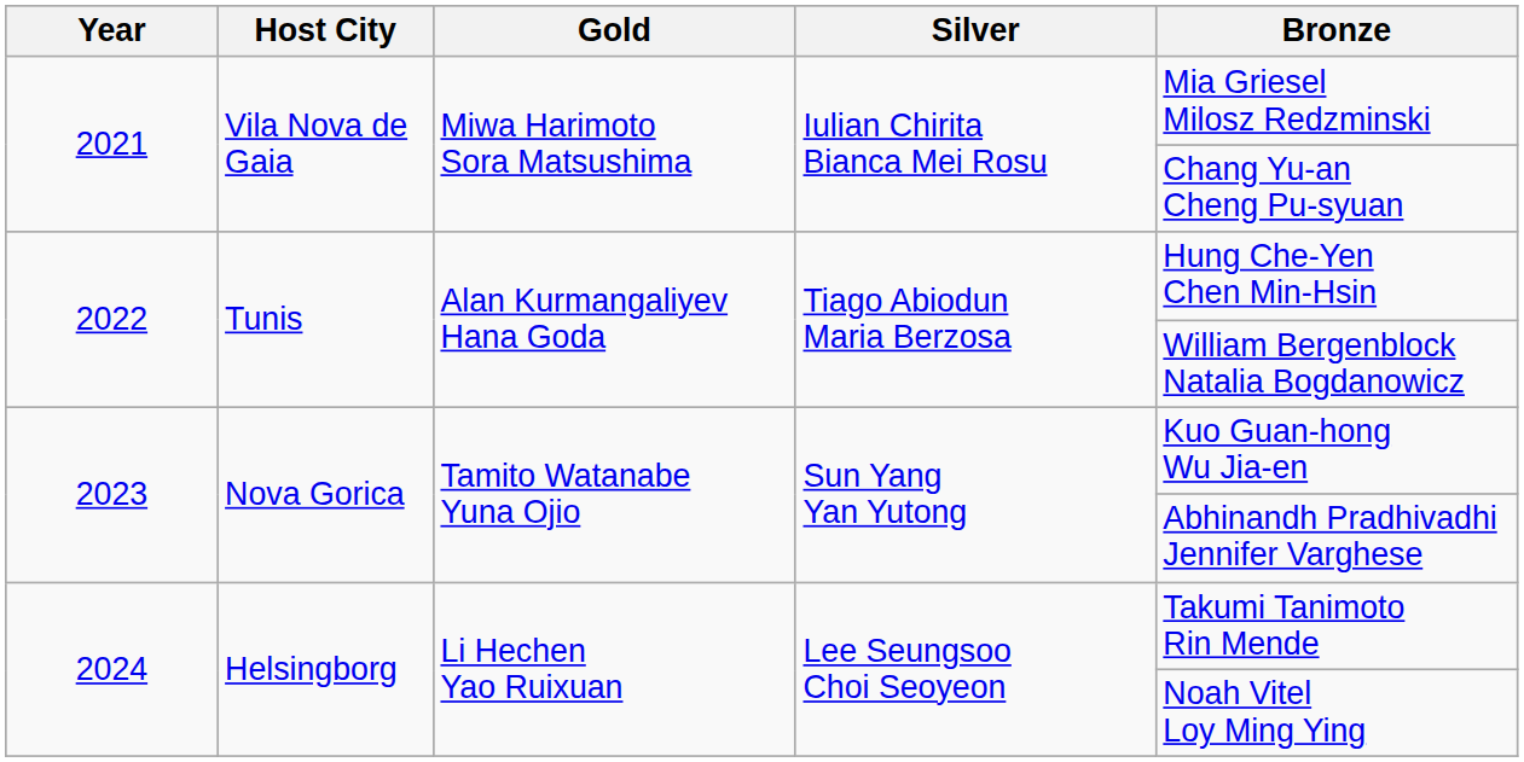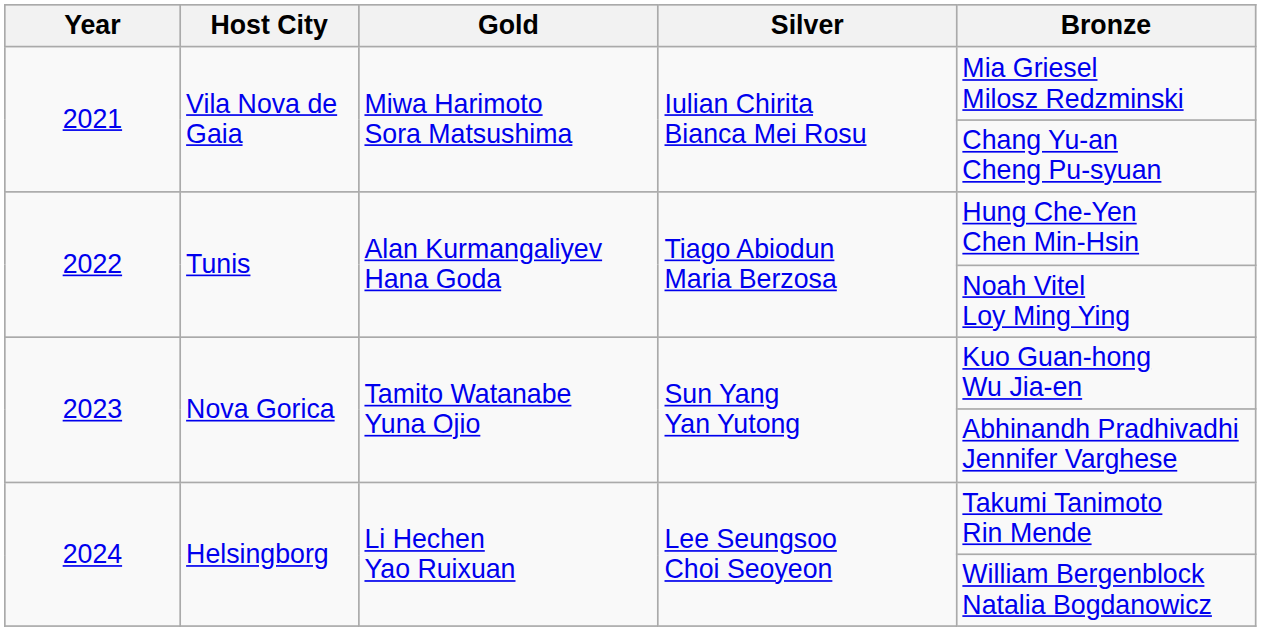 <table class="wikitable" style="text-align: left; width: 750px;">
 <tr>
 <th width="100">Year</th>
 <th width="100">Host City</th>
 <th width="175">Gold</th>
 <th width="175">Silver</th>
 <th width="175">Bronze</th>
 </tr>
 <tr>
 <td rowspan="2" style="text-align: center;"><a href='#'>2021</a></td>
 <td rowspan="2"><a href='#'>Vila Nova de Gaia</a></td>
 <td rowspan="2"> <a href='#'>Miwa Harimoto</a><br> <a href='#'>Sora Matsushima</a></td>
 <td rowspan="2"> <a href='#'>Iulian Chirita</a><br> <a href='#'>Bianca Mei Rosu</a></td>
 <td> <a href='#'>Mia Griesel</a><br> <a href='#'>Milosz Redzminski</a></td>
 </tr>
 <tr>
 <td> <a href='#'>Chang Yu-an</a><br> <a href='#'>Cheng Pu-syuan</a></td>
 </tr>
 <tr>
 <td rowspan="2" style="text-align: center;"><a href='#'>2022</a></td>
 <td rowspan="2"><a href='#'>Tunis</a></td>
 <td rowspan="2"> <a href='#'>Alan Kurmangaliyev</a><br> <a href='#'>Hana Goda</a></td>
 <td rowspan="2"> <a href='#'>Tiago Abiodun</a><br> <a href='#'>Maria Berzosa</a></td>
 <td> <a href='#'>Hung Che-Yen</a><br> <a href='#'>Chen Min-Hsin</a></td>
 </tr>
 <tr>
-<td> <a href='#'>William Bergenblock</a><br> <a href='#'>Natalia Bogdanowicz</a></td>
+<td> <a href='#'>Noah Vitel</a><br> <a href='#'>Loy Ming Ying</a></td>
 </tr>
 <tr>
 <td rowspan="2" style="text-align: center;"><a href='#'>2023</a></td>
 <td rowspan="2"><a href='#'>Nova Gorica</a></td>
 <td rowspan=2> <a href='#'>Tamito Watanabe</a><br> <a href='#'>Yuna Ojio</a></td>
 <td rowspan=2> <a href='#'>Sun Yang</a><br> <a href='#'>Yan Yutong</a></td>
 <td> <a href='#'>Kuo Guan-hong</a><br> <a href='#'>Wu Jia-en</a></td>
 </tr>
 <tr>
 <td> <a href='#'>Abhinandh Pradhivadhi</a><br> <a href='#'>Jennifer Varghese</a></td>
 </tr>
 <tr>
 <td rowspan="2" style="text-align: center;"><a href='#'>2024</a></td>
 <td rowspan="2"><a href='#'>Helsingborg</a></td>
 <td rowspan="2"> <a href='#'>Li Hechen</a><br> <a href='#'>Yao Ruixuan</a></td>
 <td rowspan="2"> <a href='#'>Lee Seungsoo</a><br> <a href='#'>Choi Seoyeon</a></td>
 <td> <a href='#'>Takumi Tanimoto</a><br> <a href='#'>Rin Mende</a></td>
 </tr>
 <tr>
-<td> <a href='#'>Noah Vitel</a><br> <a href='#'>Loy Ming Ying</a></td>
+<td> <a href='#'>William Bergenblock</a><br> <a href='#'>Natalia Bogdanowicz</a></td>
 </tr>
 </table>
